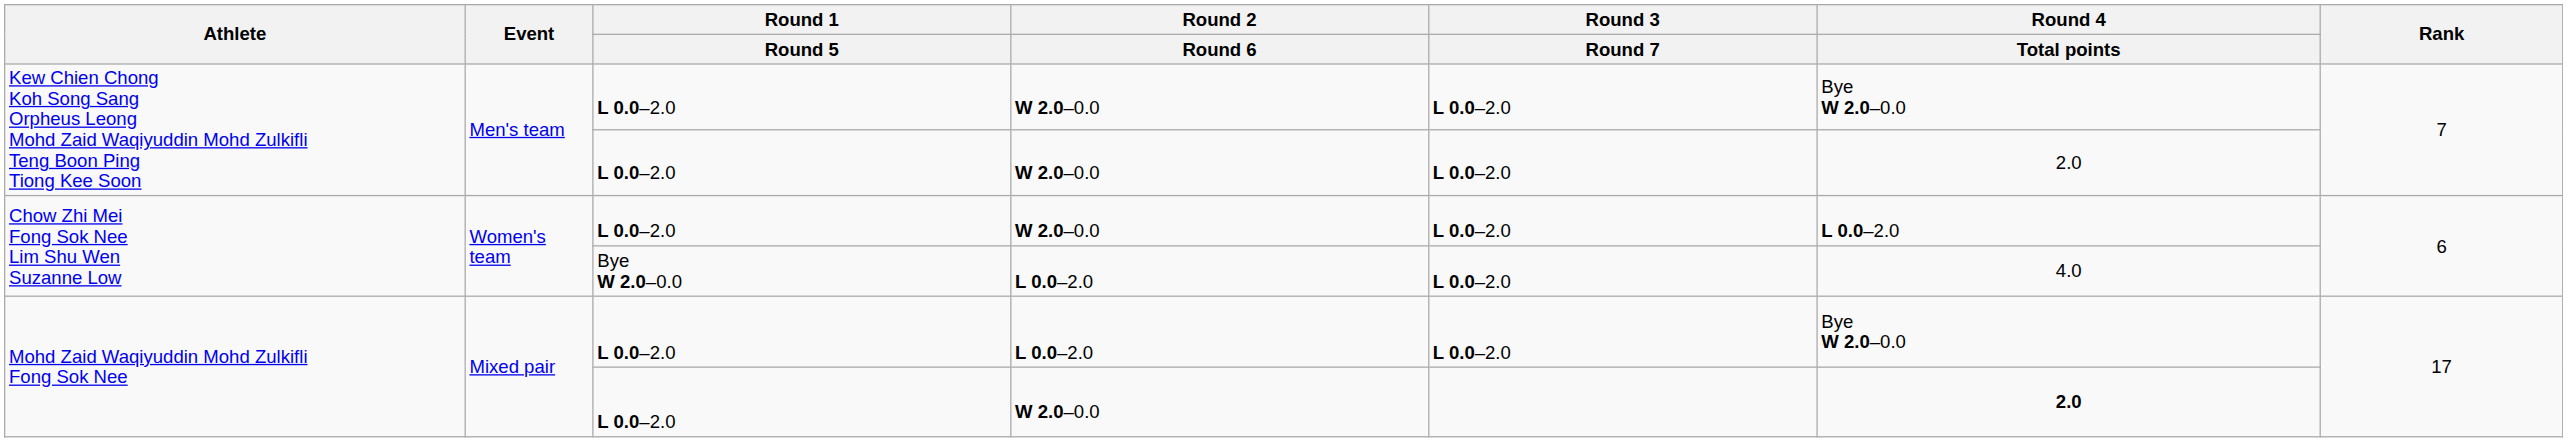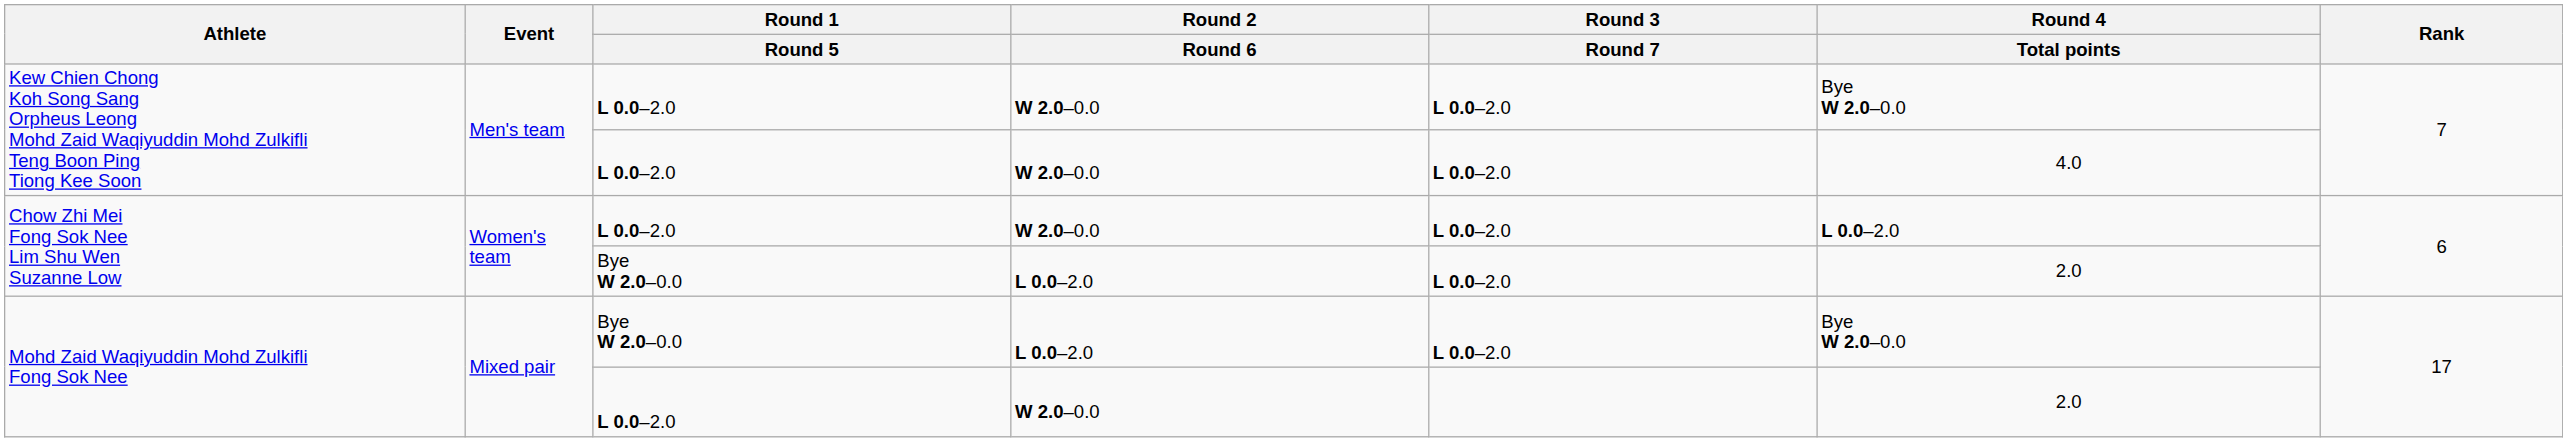 <table class="wikitable" width="100%" style="text-align:center; font-size:90%">
 <tr>
 <th rowspan=2 width="18%">Athlete</th>
 <th rowspan=2 width="5%">Event</th>
 <th colspan=1>Round 1</th>
 <th colspan=1>Round 2</th>
 <th colspan=1>Round 3</th>
 <th colspan=1>Round 4</th>
 <th rowspan=2>Rank</th>
 </tr>
 <tr>
 <th>Round 5</th>
 <th>Round 6</th>
 <th>Round 7</th>
 <th>Total points</th>
 </tr>
 <tr>
 <td align=left rowspan=2><a href='#'>Kew Chien Chong</a><br><a href='#'>Koh Song Sang</a><br><a href='#'>Orpheus Leong</a><br><a href='#'>Mohd Zaid Waqiyuddin Mohd Zulkifli</a><br><a href='#'>Teng Boon Ping</a><br><a href='#'>Tiong Kee Soon</a></td>
 <td align=left rowspan=2><a href='#'>Men's team</a></td>
 <td align=left><br><strong>L 0.0</strong>–2.0</td>
 <td align=left><br><strong>W 2.0</strong>–0.0</td>
 <td align=left><br><strong>L 0.0</strong>–2.0</td>
 <td align=left>Bye<br><strong>W 2.0</strong>–0.0</td>
 <td rowspan=2>7</td>
 </tr>
 <tr>
 <td align=left><br><strong>L 0.0</strong>–2.0</td>
 <td align=left><br><strong>W 2.0</strong>–0.0</td>
 <td align=left><br><strong>L 0.0</strong>–2.0</td>
-<td>2.0</td>
+<td>4.0</td>
 </tr>
 <tr>
 <td align=left rowspan=2><a href='#'>Chow Zhi Mei</a><br><a href='#'>Fong Sok Nee</a><br><a href='#'>Lim Shu Wen</a><br><a href='#'>Suzanne Low</a></td>
 <td align=left rowspan=2><a href='#'>Women's team</a></td>
 <td align=left><br><strong>L 0.0</strong>–2.0</td>
 <td align=left><br><strong>W 2.0</strong>–0.0</td>
 <td align=left><br><strong>L 0.0</strong>–2.0</td>
 <td align=left><br><strong>L 0.0</strong>–2.0</td>
 <td rowspan=2>6</td>
 </tr>
 <tr>
 <td align=left>Bye<br><strong>W 2.0</strong>–0.0</td>
 <td align=left><br><strong>L 0.0</strong>–2.0</td>
 <td align=left><br><strong>L 0.0</strong>–2.0</td>
-<td>4.0</td>
+<td>2.0</td>
 </tr>
 <tr>
 <td align=left rowspan=2><a href='#'>Mohd Zaid Waqiyuddin Mohd Zulkifli</a><br><a href='#'>Fong Sok Nee</a></td>
 <td align=left rowspan=2><a href='#'>Mixed pair</a></td>
-<td align=left><br><br><strong>L 0.0</strong>–2.0</td>
+<td align=left>Bye<br><strong>W 2.0</strong>–0.0</td>
 <td align=left><br><br><strong>L 0.0</strong>–2.0</td>
 <td align=left><br><br><strong>L 0.0</strong>–2.0</td>
 <td align=left>Bye<br><strong>W 2.0</strong>–0.0</td>
 <td rowspan=2>17</td>
 </tr>
 <tr>
 <td align=left><br><br><strong>L 0.0</strong>–2.0</td>
 <td align=left><br><strong>W 2.0</strong>–0.0</td>
 <td></td>
-<td><strong>2.0</strong></td>
+<td>2.0</td>
 </tr>
 </table>
